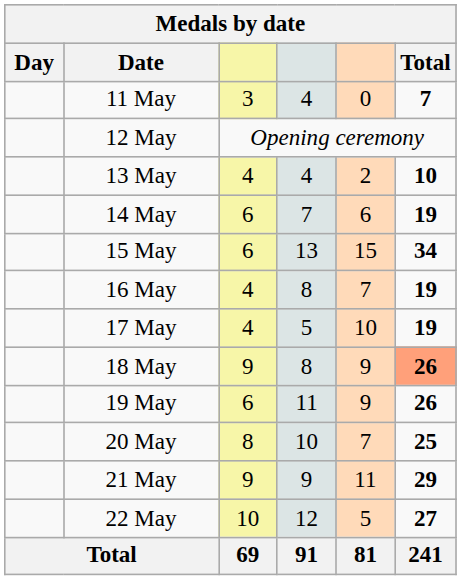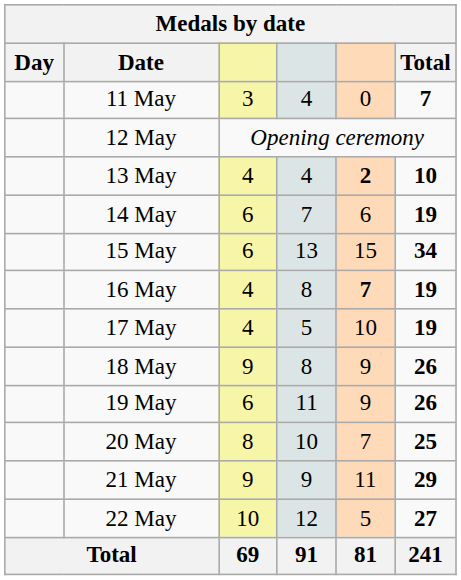 <table class="wikitable" style="font-size:90%; text-align:center">
 <tr style="background:#efefef;">
 <th colspan=6><strong>Medals by date</strong></th>
 </tr>
 <tr>
 <th width=30><strong>Day</strong></th>
 <th width=90><strong>Date</strong></th>
 <th width=30 style="background:#F7F6A8;"></th>
 <th width=30 style="background:#DCE5E5;"></th>
 <th width=30 style="background:#FFDAB9;"></th>
 <th width=30><strong>Total</strong></th>
 </tr>
 <tr>
 <td></td>
 <td>11 May</td>
 <td style="background:#F7F6A8;">3</td>
 <td style="background:#DCE5E5;">4</td>
 <td style="background:#FFDAB9;">0</td>
 <td><strong>7</strong></td>
 </tr>
 <tr>
 <td></td>
 <td>12 May</td>
 <td colspan="4" style="text-align:left center ;"> <em>Opening ceremony</em></td>
 </tr>
 <tr>
 <td></td>
 <td>13 May</td>
 <td style="background:#F7F6A8;">4</td>
 <td style="background:#DCE5E5;">4</td>
-<td style="background:#FFDAB9;">2</td>
+<td style="background:#FFDAB9;"><strong>2</strong></td>
 <td><strong>10</strong></td>
 </tr>
 <tr>
 <td></td>
 <td>14 May</td>
 <td style="background:#F7F6A8;">6</td>
 <td style="background:#DCE5E5;">7</td>
 <td style="background:#FFDAB9;">6</td>
 <td><strong>19</strong></td>
 </tr>
 <tr>
 <td></td>
 <td>15 May</td>
 <td style="background:#F7F6A8;">6</td>
 <td style="background:#DCE5E5;">13</td>
 <td style="background:#FFDAB9;">15</td>
 <td><strong>34</strong></td>
 </tr>
 <tr>
 <td></td>
 <td>16 May</td>
 <td style="background:#F7F6A8;">4</td>
 <td style="background:#DCE5E5;">8</td>
-<td style="background:#FFDAB9;">7</td>
+<td style="background:#FFDAB9;"><strong>7</strong></td>
 <td><strong>19</strong></td>
 </tr>
 <tr>
 <td></td>
 <td>17 May</td>
 <td style="background:#F7F6A8;">4</td>
 <td style="background:#DCE5E5;">5</td>
 <td style="background:#FFDAB9;">10</td>
 <td><strong>19</strong></td>
 </tr>
 <tr>
 <td></td>
 <td>18 May</td>
 <td style="background:#F7F6A8;">9</td>
 <td style="background:#DCE5E5;">8</td>
 <td style="background:#FFDAB9;">9</td>
-<td style="background: lightsalmon;"><strong>26</strong></td>
+<td><strong>26</strong></td>
 </tr>
 <tr>
 <td></td>
 <td>19 May</td>
 <td style="background:#F7F6A8;">6</td>
 <td style="background:#DCE5E5;">11</td>
 <td style="background:#FFDAB9;">9</td>
 <td><strong>26</strong></td>
 </tr>
 <tr>
 <td></td>
 <td>20 May</td>
 <td style="background:#F7F6A8;">8</td>
 <td style="background:#DCE5E5;">10</td>
 <td style="background:#FFDAB9;">7</td>
 <td><strong>25</strong></td>
 </tr>
 <tr>
 <td></td>
 <td>21 May</td>
 <td style="background:#F7F6A8;">9</td>
 <td style="background:#DCE5E5;">9</td>
 <td style="background:#FFDAB9;">11</td>
 <td><strong>29</strong></td>
 </tr>
 <tr>
 <td></td>
 <td>22 May</td>
 <td style="background:#F7F6A8;">10</td>
 <td style="background:#DCE5E5;">12</td>
 <td style="background:#FFDAB9;">5</td>
 <td><strong>27</strong></td>
 </tr>
 <tr>
 <th colspan="2"><strong>Total</strong></th>
 <th><strong>69</strong></th>
 <th><strong>91</strong></th>
 <th><strong>81</strong></th>
 <th><strong>241</strong></th>
 </tr>
 </table>
